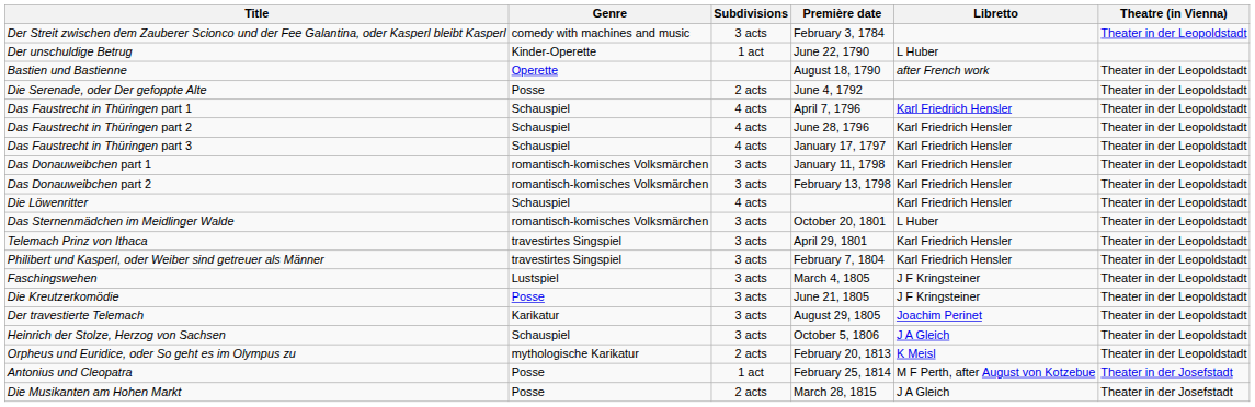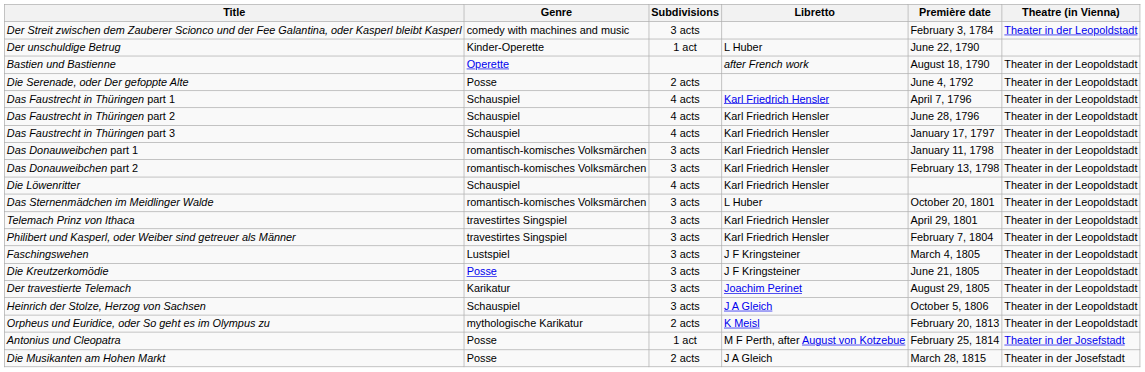 <table class="wikitable sortable">
 <tr>
 <th>Title</th>
 <th>Genre</th>
 <th>Sub­divisions</th>
+<th>Libretto</th>
 <th>Première date</th>
-<th>Libretto</th>
 <th>Theatre (in Vienna)</th>
 </tr>
 <tr>
 <td><em>Der Streit zwischen dem Zauberer Scionco und der Fee Galantina, oder Kasperl bleibt Kasperl</em></td>
 <td>comedy with machines and music</td>
 <td align=center>3 acts</td>
+<td> </td>
 <td>February 3, 1784</td>
-<td> </td>
 <td><a href='#'>Theater in der Leopoldstadt</a></td>
 </tr>
 <tr>
 <td><em>Der unschuldige Betrug</em></td>
 <td>Kinder-Operette</td>
 <td align=center>1 act</td>
+<td>L Huber</td>
 <td>June 22, 1790</td>
-<td>L Huber</td>
 <td></td>
 </tr>
 <tr>
 <td><em>Bastien und Bastienne</em></td>
 <td><a href='#'>Operette</a></td>
 <td></td>
+<td><em>after French work</em></td>
 <td>August 18, 1790</td>
-<td><em>after French work</em></td>
 <td>Theater in der Leopoldstadt</td>
 </tr>
 <tr>
 <td><em>Die Serenade, oder Der gefoppte Alte</em></td>
 <td>Posse</td>
 <td align=center>2 acts</td>
+<td> </td>
 <td>June 4, 1792</td>
-<td> </td>
 <td>Theater in der Leopoldstadt</td>
 </tr>
 <tr>
 <td><em>Das Faustrecht in Thüringen</em> part 1</td>
 <td>Schauspiel</td>
 <td align=center>4 acts</td>
+<td><a href='#'>Karl Friedrich Hensler</a></td>
 <td>April 7, 1796</td>
-<td><a href='#'>Karl Friedrich Hensler</a></td>
 <td>Theater in der Leopoldstadt</td>
 </tr>
 <tr>
 <td><em>Das Faustrecht in Thüringen</em> part 2</td>
 <td>Schauspiel</td>
 <td align=center>4 acts</td>
+<td>Karl Friedrich Hensler</td>
 <td>June 28, 1796</td>
-<td>Karl Friedrich Hensler</td>
 <td>Theater in der Leopoldstadt</td>
 </tr>
 <tr>
 <td><em>Das Faustrecht in Thüringen</em> part 3</td>
 <td>Schauspiel</td>
 <td align=center>4 acts</td>
+<td>Karl Friedrich Hensler</td>
 <td>January 17, 1797</td>
-<td>Karl Friedrich Hensler</td>
 <td>Theater in der Leopoldstadt</td>
 </tr>
 <tr>
 <td><em>Das Donauweibchen</em> part 1</td>
 <td>romantisch-komisches Volksmärchen</td>
 <td align=center>3 acts</td>
+<td>Karl Friedrich Hensler</td>
 <td>January 11, 1798</td>
-<td>Karl Friedrich Hensler</td>
 <td>Theater in der Leopoldstadt</td>
 </tr>
 <tr>
 <td><em>Das Donauweibchen</em> part 2</td>
 <td>romantisch-komisches Volksmärchen</td>
 <td align=center>3 acts</td>
+<td>Karl Friedrich Hensler</td>
 <td>February 13, 1798</td>
-<td>Karl Friedrich Hensler</td>
 <td>Theater in der Leopoldstadt</td>
 </tr>
 <tr>
 <td><em>Die Löwenritter</em></td>
 <td>Schauspiel</td>
 <td align=center>4 acts</td>
+<td>Karl Friedrich Hensler</td>
 <td></td>
-<td>Karl Friedrich Hensler</td>
 <td>Theater in der Leopoldstadt</td>
 </tr>
 <tr>
 <td><em>Das Sternenmädchen im Meidlinger Walde</em></td>
 <td>romantisch-komisches Volksmärchen</td>
 <td align=center>3 acts</td>
+<td>L Huber</td>
 <td>October 20, 1801</td>
-<td>L Huber</td>
 <td>Theater in der Leopoldstadt</td>
 </tr>
 <tr>
 <td><em>Telemach Prinz von Ithaca</em></td>
 <td>travestirtes Singspiel</td>
 <td align=center>3 acts</td>
+<td>Karl Friedrich Hensler</td>
 <td>April 29, 1801</td>
-<td>Karl Friedrich Hensler</td>
 <td>Theater in der Leopoldstadt</td>
 </tr>
 <tr>
 <td><em>Philibert und Kasperl, oder Weiber sind getreuer als Männer</em></td>
 <td>travestirtes Singspiel</td>
 <td align=center>3 acts</td>
+<td>Karl Friedrich Hensler</td>
 <td>February 7, 1804</td>
-<td>Karl Friedrich Hensler</td>
 <td>Theater in der Leopoldstadt</td>
 </tr>
 <tr>
 <td><em>Faschingswehen</em></td>
 <td>Lustspiel</td>
 <td align=center>3 acts</td>
+<td>J F Kringsteiner</td>
 <td>March 4, 1805</td>
-<td>J F Kringsteiner</td>
 <td>Theater in der Leopoldstadt</td>
 </tr>
 <tr>
 <td><em>Die Kreutzerkomödie</em></td>
 <td><a href='#'>Posse</a></td>
 <td align=center>3 acts</td>
+<td>J F Kringsteiner</td>
 <td>June 21, 1805</td>
-<td>J F Kringsteiner</td>
 <td>Theater in der Leopoldstadt</td>
 </tr>
 <tr>
 <td><em>Der travestierte Telemach</em></td>
 <td>Karikatur</td>
 <td align=center>3 acts</td>
+<td><a href='#'>Joachim Perinet</a></td>
 <td>August 29, 1805</td>
-<td><a href='#'>Joachim Perinet</a></td>
 <td>Theater in der Leopoldstadt</td>
 </tr>
 <tr>
 <td><em>Heinrich der Stolze, Herzog von Sachsen</em></td>
 <td>Schauspiel</td>
 <td align=center>3 acts</td>
+<td><a href='#'>J A Gleich</a></td>
 <td>October 5, 1806</td>
-<td><a href='#'>J A Gleich</a></td>
 <td>Theater in der Leopoldstadt</td>
 </tr>
 <tr>
 <td><em>Orpheus und Euridice, oder So geht es im Olympus zu</em></td>
 <td>mythologische Karikatur</td>
 <td align=center>2 acts</td>
+<td><a href='#'>K Meisl</a></td>
 <td>February 20, 1813</td>
-<td><a href='#'>K Meisl</a></td>
 <td>Theater in der Leopoldstadt</td>
 </tr>
 <tr>
 <td><em>Antonius und Cleopatra</em></td>
 <td>Posse</td>
 <td align=center>1 act</td>
+<td>M F Perth, after <a href='#'>August von Kotzebue</a></td>
 <td>February 25, 1814</td>
-<td>M F Perth, after <a href='#'>August von Kotzebue</a></td>
 <td><a href='#'>Theater in der Josefstadt</a></td>
 </tr>
 <tr>
 <td><em>Die Musikanten am Hohen Markt</em></td>
 <td>Posse</td>
 <td align=center>2 acts</td>
+<td>J A Gleich</td>
 <td>March 28, 1815</td>
-<td>J A Gleich</td>
 <td>Theater in der Josefstadt</td>
 </tr>
 </table>
